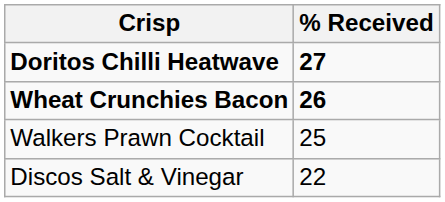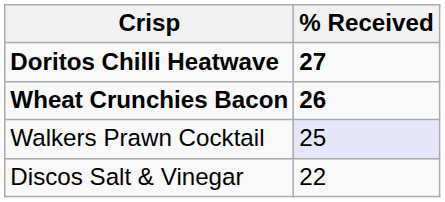 <table class="wikitable">
 <tr>
 <th>Crisp</th>
 <th>% Received</th>
 </tr>
 <tr>
 <td><strong>Doritos Chilli Heatwave</strong></td>
 <td><strong>27</strong></td>
 </tr>
 <tr>
 <td><strong>Wheat Crunchies Bacon</strong></td>
 <td><strong>26</strong></td>
 </tr>
 <tr>
 <td>Walkers Prawn Cocktail</td>
-<td>25</td>
+<td style="background: lavender;">25</td>
 </tr>
 <tr>
 <td>Discos Salt & Vinegar</td>
 <td>22</td>
 </tr>
 </table>
